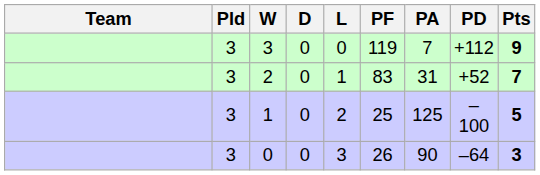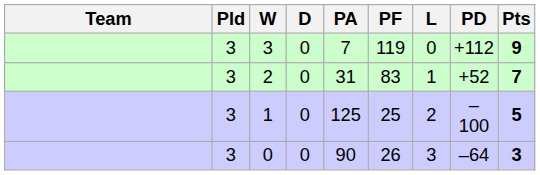 <table class="wikitable" style="text-align:center;">
 <tr>
 <th width=175>Team</th>
 <th width=25 abbr="Played">Pld</th>
 <th width=25 abbr="Won">W</th>
 <th width=25 abbr="Drawn">D</th>
+<th width=32 abbr="Points against">PA</th>
+<th width=32 abbr="Points for">PF</th>
 <th width=25 abbr="Lost">L</th>
-<th width=32 abbr="Points for">PF</th>
-<th width=32 abbr="Points against">PA</th>
 <th width=32 abbr="Points difference">PD</th>
 <th width=25 abbr="Points">Pts</th>
 </tr>
 <tr bgcolor=ccffcc>
 <td align=left></td>
 <td>3</td>
 <td>3</td>
 <td>0</td>
+<td>7</td>
+<td>119</td>
 <td>0</td>
-<td>119</td>
-<td>7</td>
 <td>+112</td>
 <td><strong>9</strong></td>
 </tr>
 <tr bgcolor=ccffcc>
 <td align=left></td>
 <td>3</td>
 <td>2</td>
 <td>0</td>
+<td>31</td>
+<td>83</td>
 <td>1</td>
-<td>83</td>
-<td>31</td>
 <td>+52</td>
 <td><strong>7</strong></td>
 </tr>
 <tr bgcolor=ccccff>
 <td align=left></td>
 <td>3</td>
 <td>1</td>
 <td>0</td>
+<td>125</td>
+<td>25</td>
 <td>2</td>
-<td>25</td>
-<td>125</td>
 <td>–100</td>
 <td><strong>5</strong></td>
 </tr>
 <tr bgcolor=ccccff>
 <td align=left></td>
 <td>3</td>
 <td>0</td>
 <td>0</td>
+<td>90</td>
+<td>26</td>
 <td>3</td>
-<td>26</td>
-<td>90</td>
 <td>–64</td>
 <td><strong>3</strong></td>
 </tr>
 </table>
